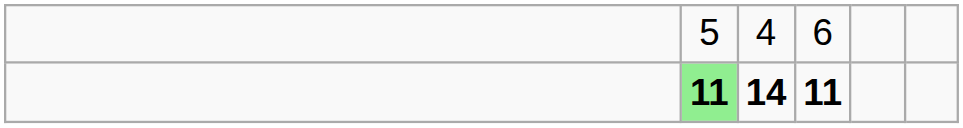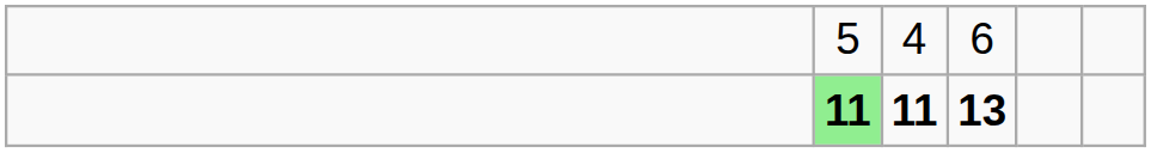 <table class="wikitable">
 <tr>
 <td style="width:18em"></td>
 <td align=center style="width:1em">5</td>
 <td align=center style="width:1em">4</td>
 <td align=center style="width:1em">6</td>
 <td align=center style="width:1em"></td>
 <td align=center style="width:1em"></td>
 </tr>
 <tr>
 <td style="width:18em"><strong></strong></td>
 <td align=center style="background: lightgreen; width:1em"><strong>11</strong></td>
-<td align=center style="width:1em"><strong>14</strong></td>
 <td align=center style="width:1em"><strong>11</strong></td>
+<td align=center style="width:1em"><strong>13</strong></td>
 <td align=center style="width:1em"></td>
 <td align=center style="width:1em"></td>
 </tr>
 </table>
